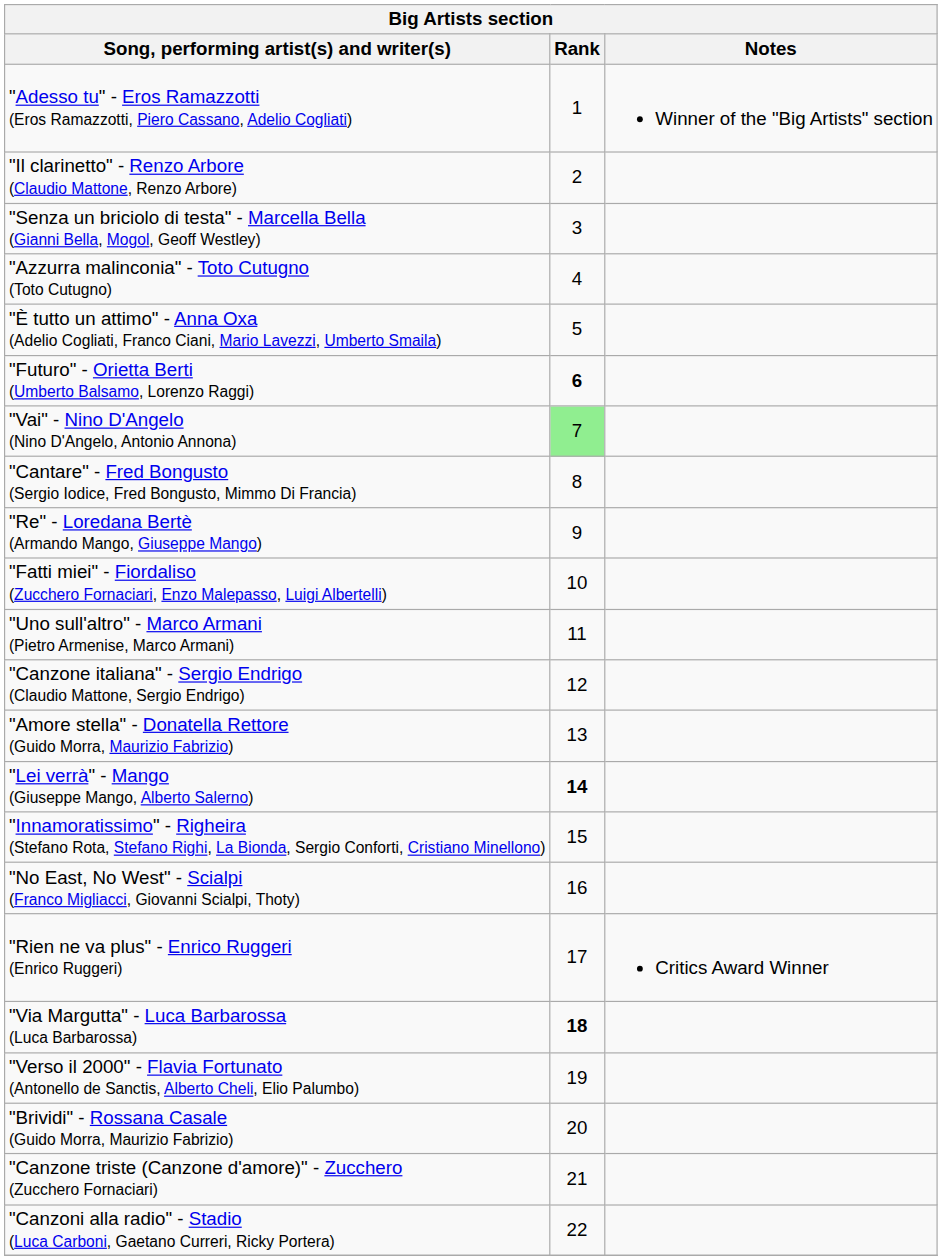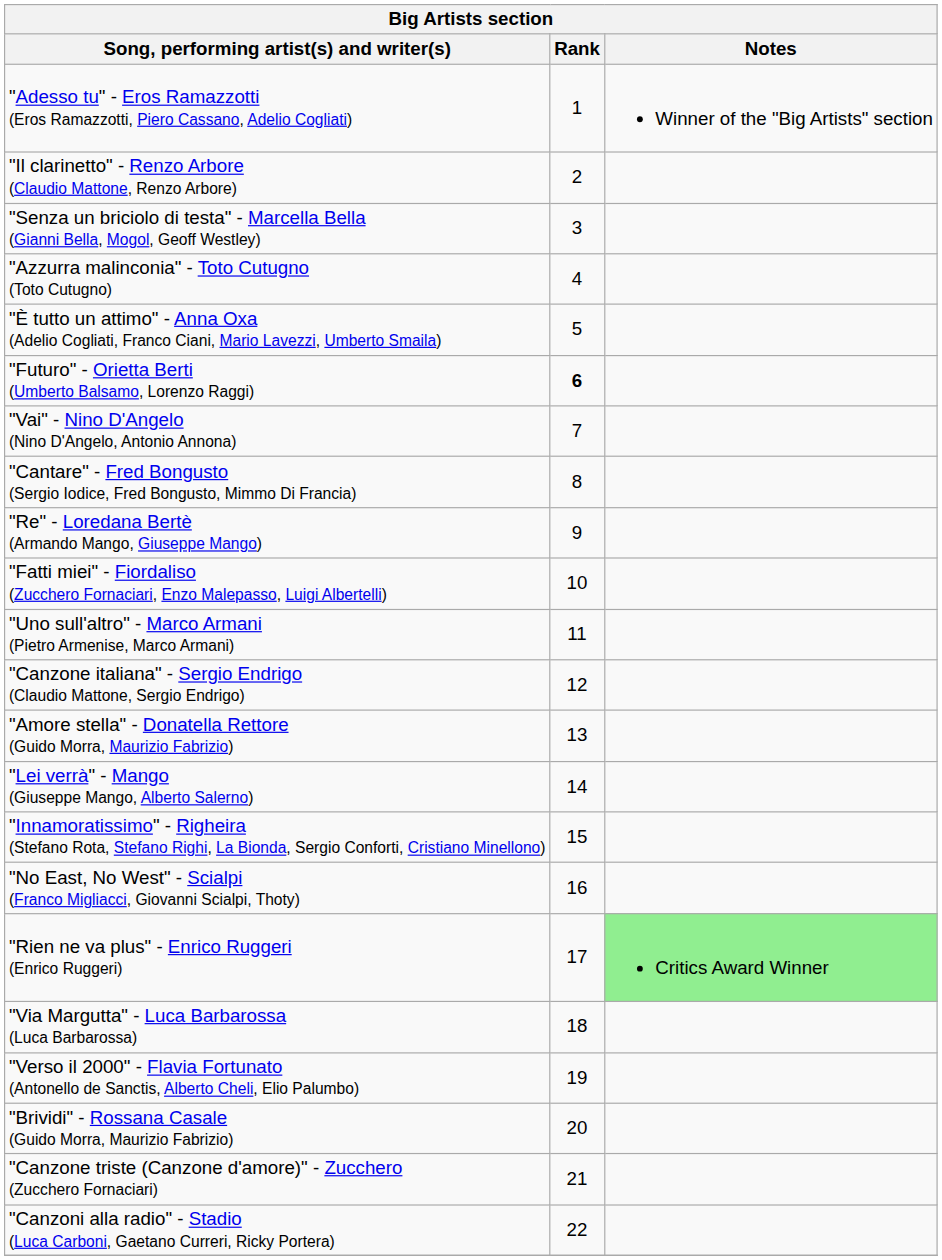 <table class="plainrowheaders wikitable">
 <tr>
 <th colspan="3">Big Artists section </th>
 </tr>
 <tr>
 <th>Song, performing artist(s) and writer(s)</th>
 <th>Rank</th>
 <th>Notes</th>
 </tr>
 <tr>
 <td>"<a href='#'>Adesso tu</a>" -  <a href='#'>Eros Ramazzotti</a> <br><small>(Eros Ramazzotti, <a href='#'>Piero Cassano</a>, <a href='#'>Adelio Cogliati</a>)</small></td>
 <td align="center">1</td>
 <td><br><ul><li>Winner of the "Big Artists" section</li></ul></td>
 </tr>
 <tr>
 <td>"Il clarinetto" - <a href='#'>Renzo Arbore</a><br><small>(<a href='#'>Claudio Mattone</a>, Renzo Arbore)</small></td>
 <td align="center">2</td>
 <td></td>
 </tr>
 <tr>
 <td>"Senza un briciolo di testa" -  <a href='#'>Marcella Bella</a><br><small>(<a href='#'>Gianni Bella</a>, <a href='#'>Mogol</a>, Geoff Westley)</small></td>
 <td align="center">3</td>
 <td></td>
 </tr>
 <tr>
 <td>"Azzurra malinconia" -  <a href='#'>Toto Cutugno</a><br> <small>(Toto Cutugno)</small></td>
 <td align="center">4</td>
 <td></td>
 </tr>
 <tr>
 <td>"È tutto un attimo" - <a href='#'>Anna Oxa</a><br> <small>(Adelio Cogliati, Franco Ciani, <a href='#'>Mario Lavezzi</a>, <a href='#'>Umberto Smaila</a>)</small></td>
 <td align="center">5</td>
 <td></td>
 </tr>
 <tr>
 <td>"Futuro" - <a href='#'>Orietta Berti</a>  <br><small>(<a href='#'>Umberto Balsamo</a>, Lorenzo Raggi)</small></td>
 <td align="center"><strong>6</strong></td>
 <td></td>
 </tr>
 <tr>
 <td>"Vai" -  <a href='#'>Nino D'Angelo</a><br> <small>(Nino D'Angelo, Antonio Annona)</small></td>
-<td align="center" style="background: lightgreen;">7</td>
+<td align="center">7</td>
 <td></td>
 </tr>
 <tr>
 <td>"Cantare" - <a href='#'>Fred Bongusto</a><br><small>(Sergio Iodice, Fred Bongusto, Mimmo Di Francia)</small></td>
 <td align="center">8</td>
 <td></td>
 </tr>
 <tr>
 <td>"Re" - <a href='#'>Loredana Bertè</a><br><small>(Armando Mango, <a href='#'>Giuseppe Mango</a>)</small></td>
 <td align="center">9</td>
 <td></td>
 </tr>
 <tr>
 <td>"Fatti miei" - <a href='#'>Fiordaliso</a><br><small>(<a href='#'>Zucchero Fornaciari</a>, <a href='#'>Enzo Malepasso</a>, <a href='#'>Luigi Albertelli</a>)</small></td>
 <td align="center">10</td>
 <td></td>
 </tr>
 <tr>
 <td>"Uno sull'altro" - <a href='#'>Marco Armani</a> <br><small>(Pietro Armenise, Marco Armani)</small></td>
 <td align="center">11</td>
 <td></td>
 </tr>
 <tr>
 <td>"Canzone italiana" -  <a href='#'>Sergio Endrigo</a><br> <small>(Claudio Mattone, Sergio Endrigo)</small></td>
 <td align="center">12</td>
 <td></td>
 </tr>
 <tr>
 <td>"Amore stella" - <a href='#'>Donatella Rettore</a><br> <small>(Guido Morra, <a href='#'>Maurizio Fabrizio</a>)</small></td>
 <td align="center">13</td>
 <td></td>
 </tr>
 <tr>
 <td>"<a href='#'>Lei verrà</a>" - <a href='#'>Mango</a><br><small>(Giuseppe Mango, <a href='#'>Alberto Salerno</a>)</small></td>
-<td align="center"><strong>14</strong></td>
+<td align="center">14</td>
 <td></td>
 </tr>
 <tr>
 <td>"<a href='#'>Innamoratissimo</a>" - <a href='#'>Righeira</a> <br><small>(Stefano Rota, <a href='#'>Stefano Righi</a>, <a href='#'>La Bionda</a>, Sergio Conforti, <a href='#'>Cristiano Minellono</a>)</small></td>
 <td align="center">15</td>
 <td></td>
 </tr>
 <tr>
 <td>"No East, No West" -  <a href='#'>Scialpi</a><br><small>(<a href='#'>Franco Migliacci</a>, Giovanni Scialpi, Thoty)</small></td>
 <td align="center">16</td>
 <td></td>
 </tr>
 <tr>
 <td>"Rien ne va plus" - <a href='#'>Enrico Ruggeri</a><br> <small>(Enrico Ruggeri)</small></td>
 <td align="center">17</td>
-<td><br><ul><li>Critics Award Winner</li></ul></td>
+<td style="background: lightgreen;"><br><ul><li>Critics Award Winner</li></ul></td>
 </tr>
 <tr>
 <td>"Via Margutta" -  <a href='#'>Luca Barbarossa</a> <br><small>(Luca Barbarossa)</small></td>
-<td align="center"><strong>18</strong></td>
+<td align="center">18</td>
 <td></td>
 </tr>
 <tr>
 <td>"Verso il 2000" - <a href='#'>Flavia Fortunato</a>  <br><small>(Antonello de Sanctis, <a href='#'>Alberto Cheli</a>, Elio Palumbo)</small></td>
 <td align="center">19</td>
 <td></td>
 </tr>
 <tr>
 <td>"Brividi" - <a href='#'>Rossana Casale</a><br><small>(Guido Morra, Maurizio Fabrizio)</small></td>
 <td align="center">20</td>
 <td></td>
 </tr>
 <tr>
 <td>"Canzone triste (Canzone d'amore)" -  <a href='#'>Zucchero</a> <br><small>(Zucchero Fornaciari)</small></td>
 <td align="center">21</td>
 <td></td>
 </tr>
 <tr>
 <td>"Canzoni alla radio" - <a href='#'>Stadio</a> <br><small>(<a href='#'>Luca Carboni</a>, Gaetano Curreri, Ricky Portera)</small></td>
 <td align="center">22</td>
 <td></td>
 </tr>
 <tr>
 </tr>
 </table>
